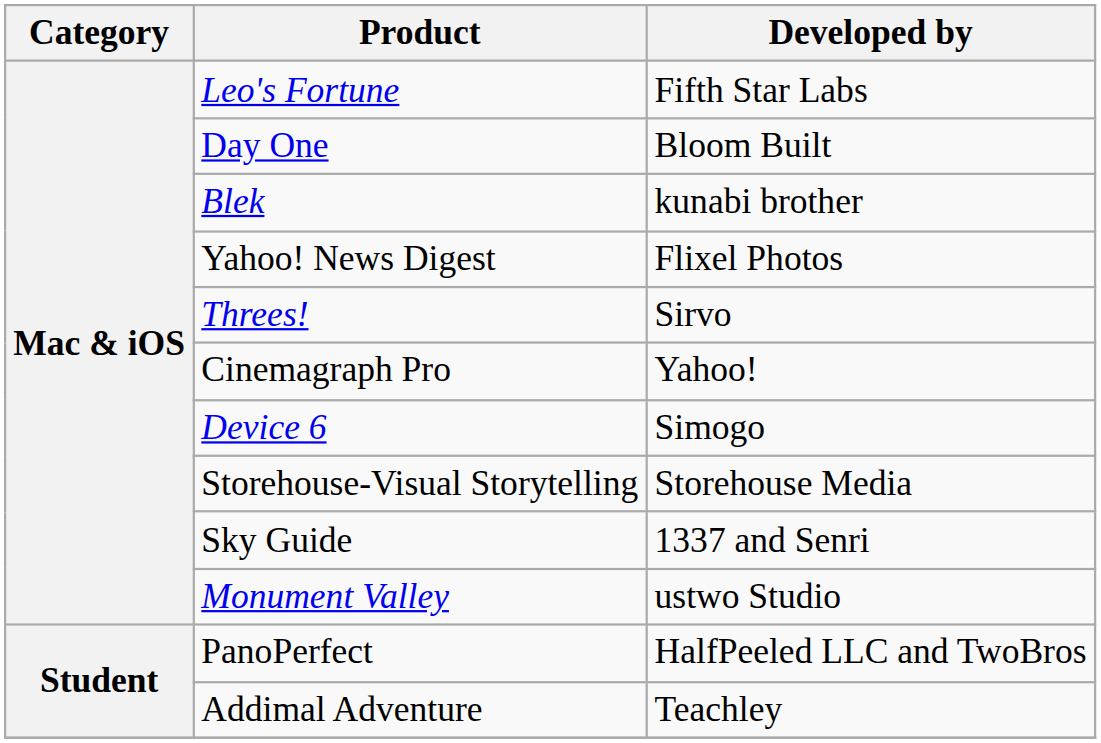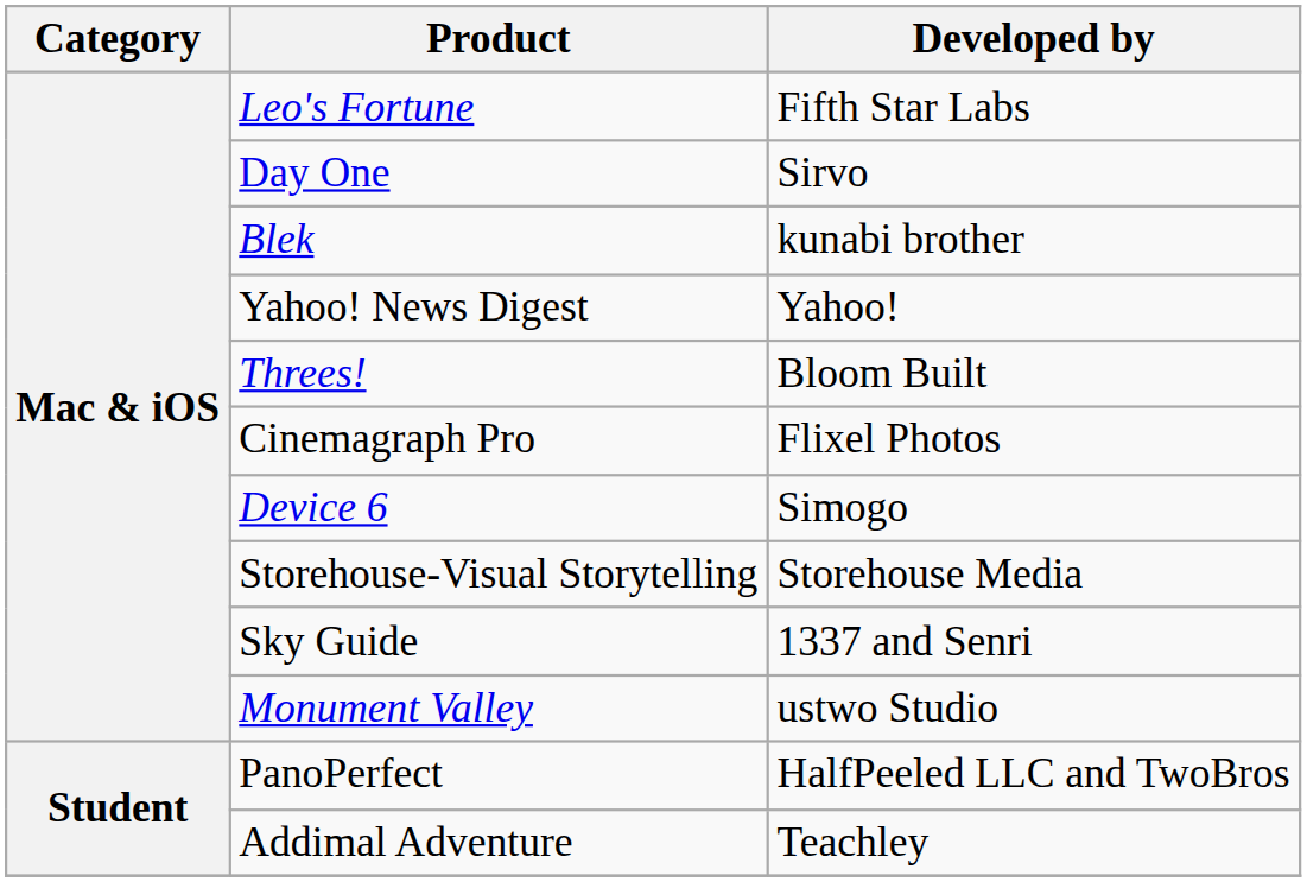 <table class="wikitable">
 <tr>
 <th>Category</th>
 <th>Product</th>
 <th>Developed by</th>
 </tr>
 <tr>
 <th rowspan="10">Mac & iOS</th>
 <td><em><a href='#'>Leo's Fortune</a></em></td>
 <td>Fifth Star Labs</td>
 </tr>
 <tr>
 <td><a href='#'>Day One</a></td>
-<td>Bloom Built</td>
+<td>Sirvo</td>
 </tr>
 <tr>
 <td><em><a href='#'>Blek</a></em></td>
 <td>kunabi brother</td>
 </tr>
 <tr>
 <td>Yahoo! News Digest</td>
-<td>Flixel Photos</td>
+<td>Yahoo!</td>
 </tr>
 <tr>
 <td><em><a href='#'>Threes!</a></em></td>
-<td>Sirvo</td>
+<td>Bloom Built</td>
 </tr>
 <tr>
 <td>Cinemagraph Pro</td>
-<td>Yahoo!</td>
+<td>Flixel Photos</td>
 </tr>
 <tr>
 <td><em><a href='#'>Device 6</a></em></td>
 <td>Simogo</td>
 </tr>
 <tr>
 <td>Storehouse-Visual Storytelling</td>
 <td>Storehouse Media</td>
 </tr>
 <tr>
 <td>Sky Guide</td>
 <td>1337 and Senri</td>
 </tr>
 <tr>
 <td><em><a href='#'>Monument Valley</a></em></td>
 <td>ustwo Studio</td>
 </tr>
 <tr>
 <th rowspan="2">Student</th>
 <td>PanoPerfect</td>
 <td>HalfPeeled LLC and TwoBros</td>
 </tr>
 <tr>
 <td>Addimal Adventure</td>
 <td>Teachley</td>
 </tr>
 <tr>
 </tr>
 </table>
